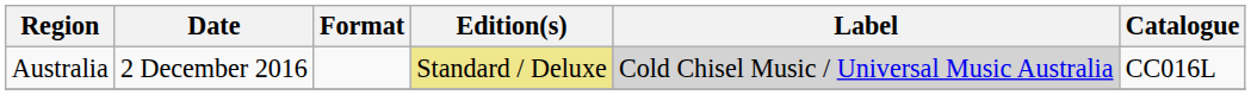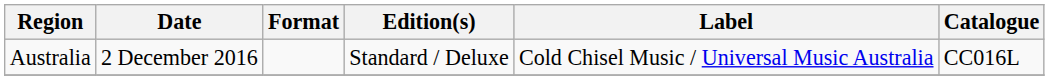 <table class="wikitable plainrowheaders">
 <tr>
 <th scope="col">Region</th>
 <th scope="col">Date</th>
 <th scope="col">Format</th>
 <th scope="col">Edition(s)</th>
 <th scope="col">Label</th>
 <th scope="col">Catalogue</th>
 </tr>
 <tr>
 <td>Australia</td>
 <td>2 December 2016</td>
 <td></td>
-<td style="background: khaki;">Standard / Deluxe</td>
-<td style="background: lightgrey;">Cold Chisel Music / <a href='#'>Universal Music Australia</a></td>
+<td>Standard / Deluxe</td>
+<td>Cold Chisel Music / <a href='#'>Universal Music Australia</a></td>
 <td>CC016L</td>
 </tr>
 <tr>
 </tr>
 </table>
